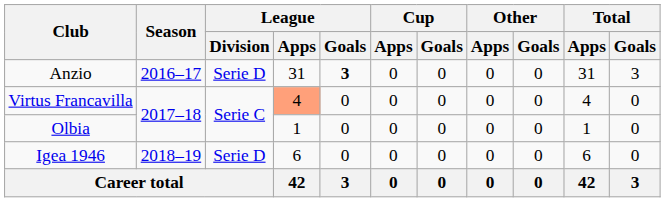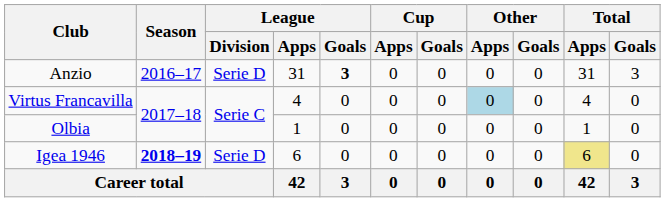 <table class="wikitable" style="text-align: center">
 <tr>
 <th rowspan="2">Club</th>
 <th rowspan="2">Season</th>
 <th colspan="3">League</th>
 <th colspan="2">Cup</th>
 <th colspan="2">Other</th>
 <th colspan="2">Total</th>
 </tr>
 <tr>
 <th>Division</th>
 <th>Apps</th>
 <th>Goals</th>
 <th>Apps</th>
 <th>Goals</th>
 <th>Apps</th>
 <th>Goals</th>
 <th>Apps</th>
 <th>Goals</th>
 </tr>
 <tr>
 <td>Anzio</td>
 <td><a href='#'>2016–17</a></td>
 <td><a href='#'>Serie D</a></td>
 <td>31</td>
 <td><strong>3</strong></td>
 <td>0</td>
 <td>0</td>
 <td>0</td>
 <td>0</td>
 <td>31</td>
 <td>3</td>
 </tr>
 <tr>
 <td><a href='#'>Virtus Francavilla</a></td>
 <td rowspan="2"><a href='#'>2017–18</a></td>
 <td rowspan="2"><a href='#'>Serie C</a></td>
-<td style="background: lightsalmon;">4</td>
+<td>4</td>
 <td>0</td>
 <td>0</td>
 <td>0</td>
-<td>0</td>
+<td style="background: lightblue;">0</td>
 <td>0</td>
 <td>4</td>
 <td>0</td>
 </tr>
 <tr>
 <td><a href='#'>Olbia</a></td>
 <td>1</td>
 <td>0</td>
 <td>0</td>
 <td>0</td>
 <td>0</td>
 <td>0</td>
 <td>1</td>
 <td>0</td>
 </tr>
 <tr>
 <td><a href='#'>Igea 1946</a></td>
-<td><a href='#'>2018–19</a></td>
+<td><strong><a href='#'>2018–19</a></strong></td>
 <td><a href='#'>Serie D</a></td>
 <td>6</td>
 <td>0</td>
 <td>0</td>
 <td>0</td>
 <td>0</td>
 <td>0</td>
-<td>6</td>
+<td style="background: khaki;">6</td>
 <td>0</td>
 </tr>
 <tr>
 <th colspan="3">Career total</th>
 <th>42</th>
 <th>3</th>
 <th>0</th>
 <th>0</th>
 <th>0</th>
 <th>0</th>
 <th>42</th>
 <th>3</th>
 </tr>
 </table>
